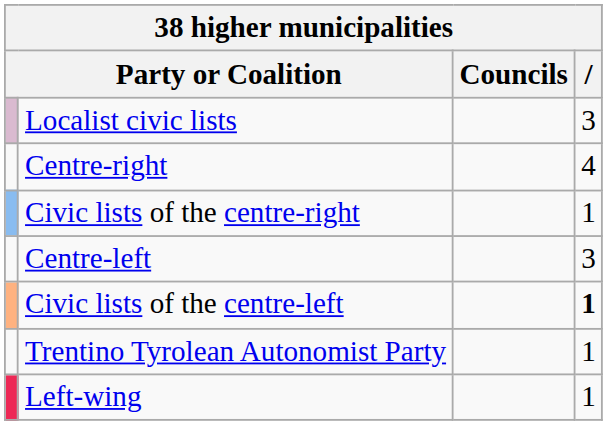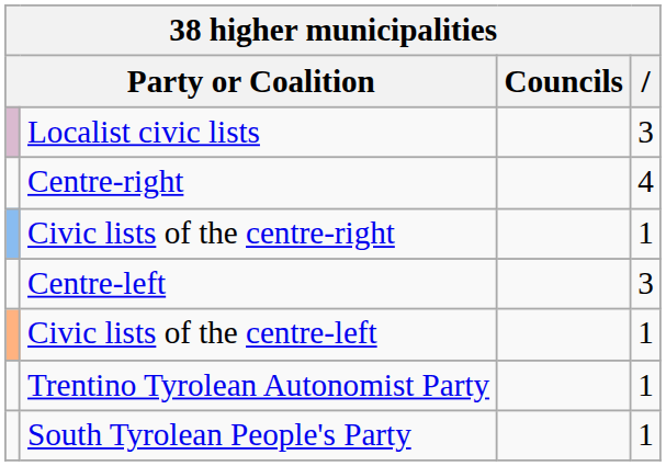 <table class="wikitable">
 <tr>
 <th colspan="4">38 higher municipalities</th>
 </tr>
 <tr>
 <th colspan="2">Party or Coalition</th>
 <th>Councils</th>
 <th>/</th>
 </tr>
 <tr>
 <td bgcolor="#DABAD0"></td>
 <td><a href='#'>Localist civic lists</a></td>
 <td></td>
 <td>3</td>
 </tr>
 <tr>
 <td></td>
 <td><a href='#'>Centre-right</a></td>
 <td></td>
 <td>4</td>
 </tr>
 <tr>
 <td bgcolor="#89BCF0"></td>
 <td><a href='#'>Civic lists</a> of the <a href='#'>centre-right</a></td>
 <td></td>
 <td>1</td>
 </tr>
 <tr>
 <td></td>
 <td><a href='#'>Centre-left</a></td>
 <td></td>
 <td>3</td>
 </tr>
 <tr>
 <td bgcolor="#FFB280"></td>
 <td><a href='#'>Civic lists</a> of the <a href='#'>centre-left</a></td>
 <td></td>
-<td><strong>1</strong></td>
+<td>1</td>
 </tr>
 <tr>
 <td></td>
 <td><a href='#'>Trentino Tyrolean Autonomist Party</a></td>
 <td></td>
 <td>1</td>
 </tr>
 <tr>
-<td bgcolor="#ED2855"></td>
-<td><a href='#'>Left-wing</a></td>
+<td></td>
+<td><a href='#'>South Tyrolean People's Party</a></td>
 <td></td>
 <td>1</td>
 </tr>
 </table>
